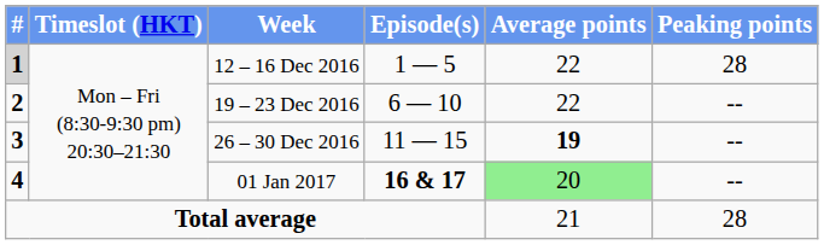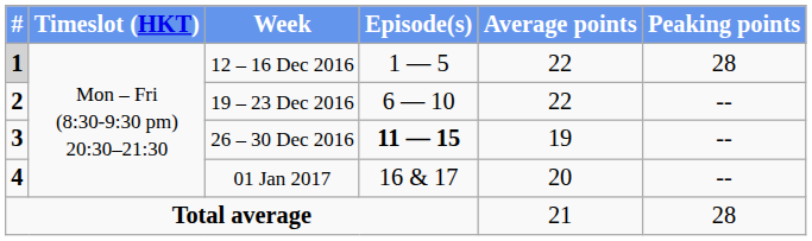 <table class="wikitable" style="text-align:center;">
 <tr style="background:cornflowerblue; color:white" align="center">
 </tr>
 <tr>
 <th style="background:cornflowerblue; color:white" align="center">#</th>
 <th style="background:cornflowerblue; color:white" align="center">Timeslot (<a href='#'>HKT</a>)</th>
 <th style="background:cornflowerblue; color:white" align="center">Week</th>
 <th style="background:cornflowerblue; color:white" align="center">Episode(s)</th>
 <th style="background:cornflowerblue; color:white" align="center">Average points</th>
 <th style="background:cornflowerblue; color:white" align="center">Peaking points</th>
 </tr>
 <tr>
 <td style="background: lightgrey;"><strong>1</strong></td>
 <td rowspan="4"><small>Mon – Fri<br>(8:30-9:30 pm)<br>20:30–21:30</small></td>
 <td><small>12 – 16 Dec 2016</small></td>
 <td>1 — 5</td>
 <td>22</td>
 <td>28</td>
 </tr>
 <tr>
 <td><strong>2</strong></td>
 <td><small>19 – 23 Dec 2016</small></td>
 <td>6 — 10</td>
 <td>22</td>
 <td>--</td>
 </tr>
 <tr>
 <td><strong>3</strong></td>
 <td><small>26 – 30 Dec 2016</small></td>
-<td>11 — 15</td>
-<td><strong>19</strong></td>
+<td><strong>11 — 15</strong></td>
+<td>19</td>
 <td>--</td>
 </tr>
 <tr>
 <td><strong>4</strong></td>
 <td><small>01 Jan 2017</small></td>
-<td><strong>16 & 17</strong></td>
-<td style="background: lightgreen;">20</td>
+<td>16 & 17</td>
+<td>20</td>
 <td>--</td>
 </tr>
 <tr>
 <td colspan="4"><strong>Total average</strong></td>
 <td>21</td>
 <td>28</td>
 </tr>
 </table>
